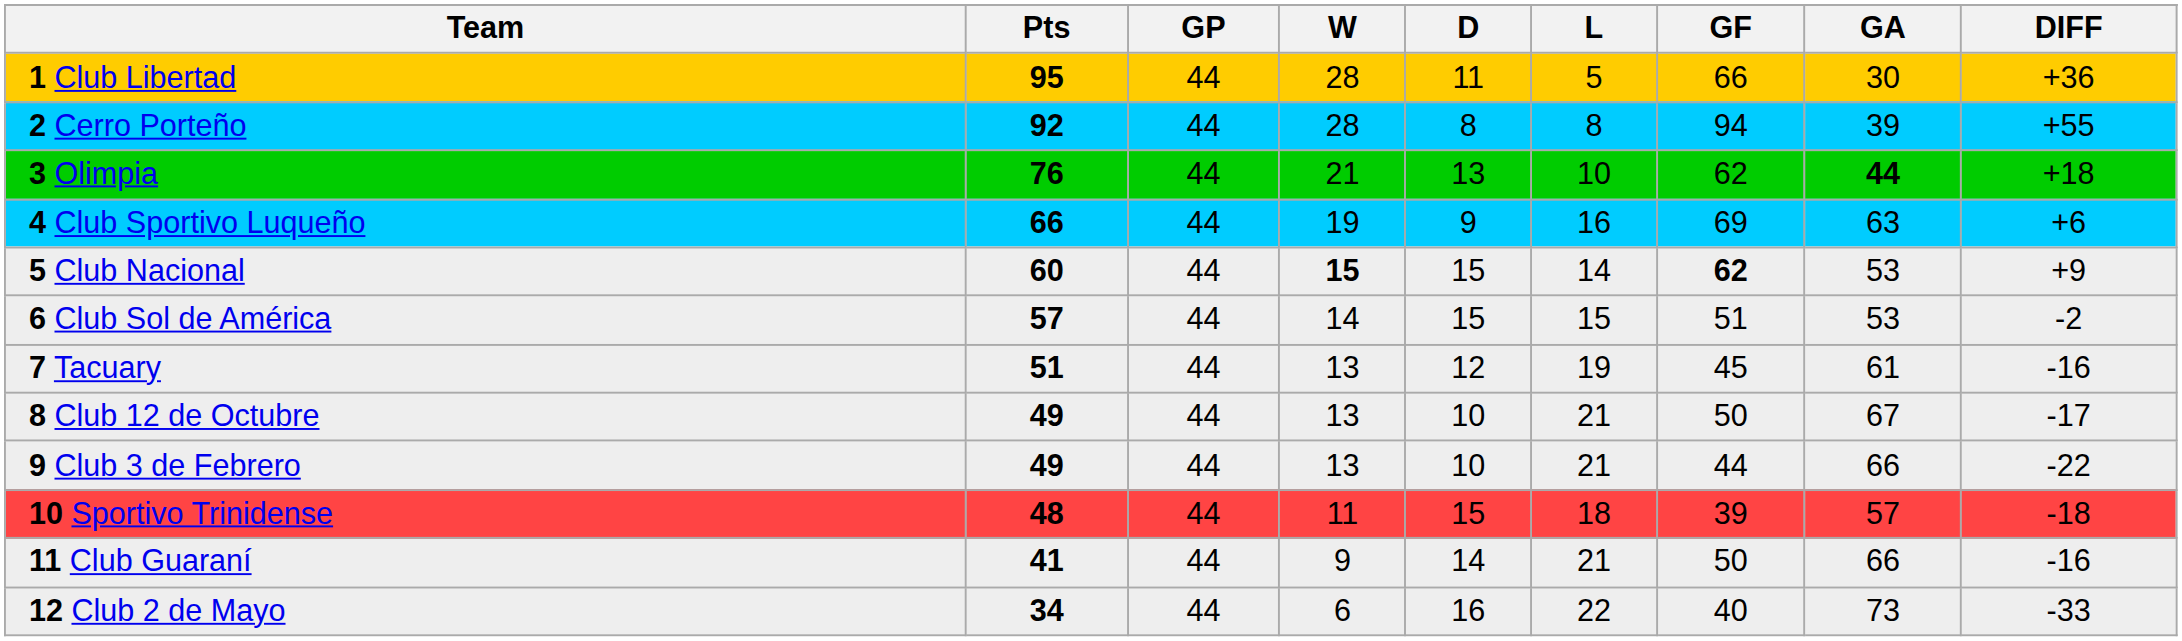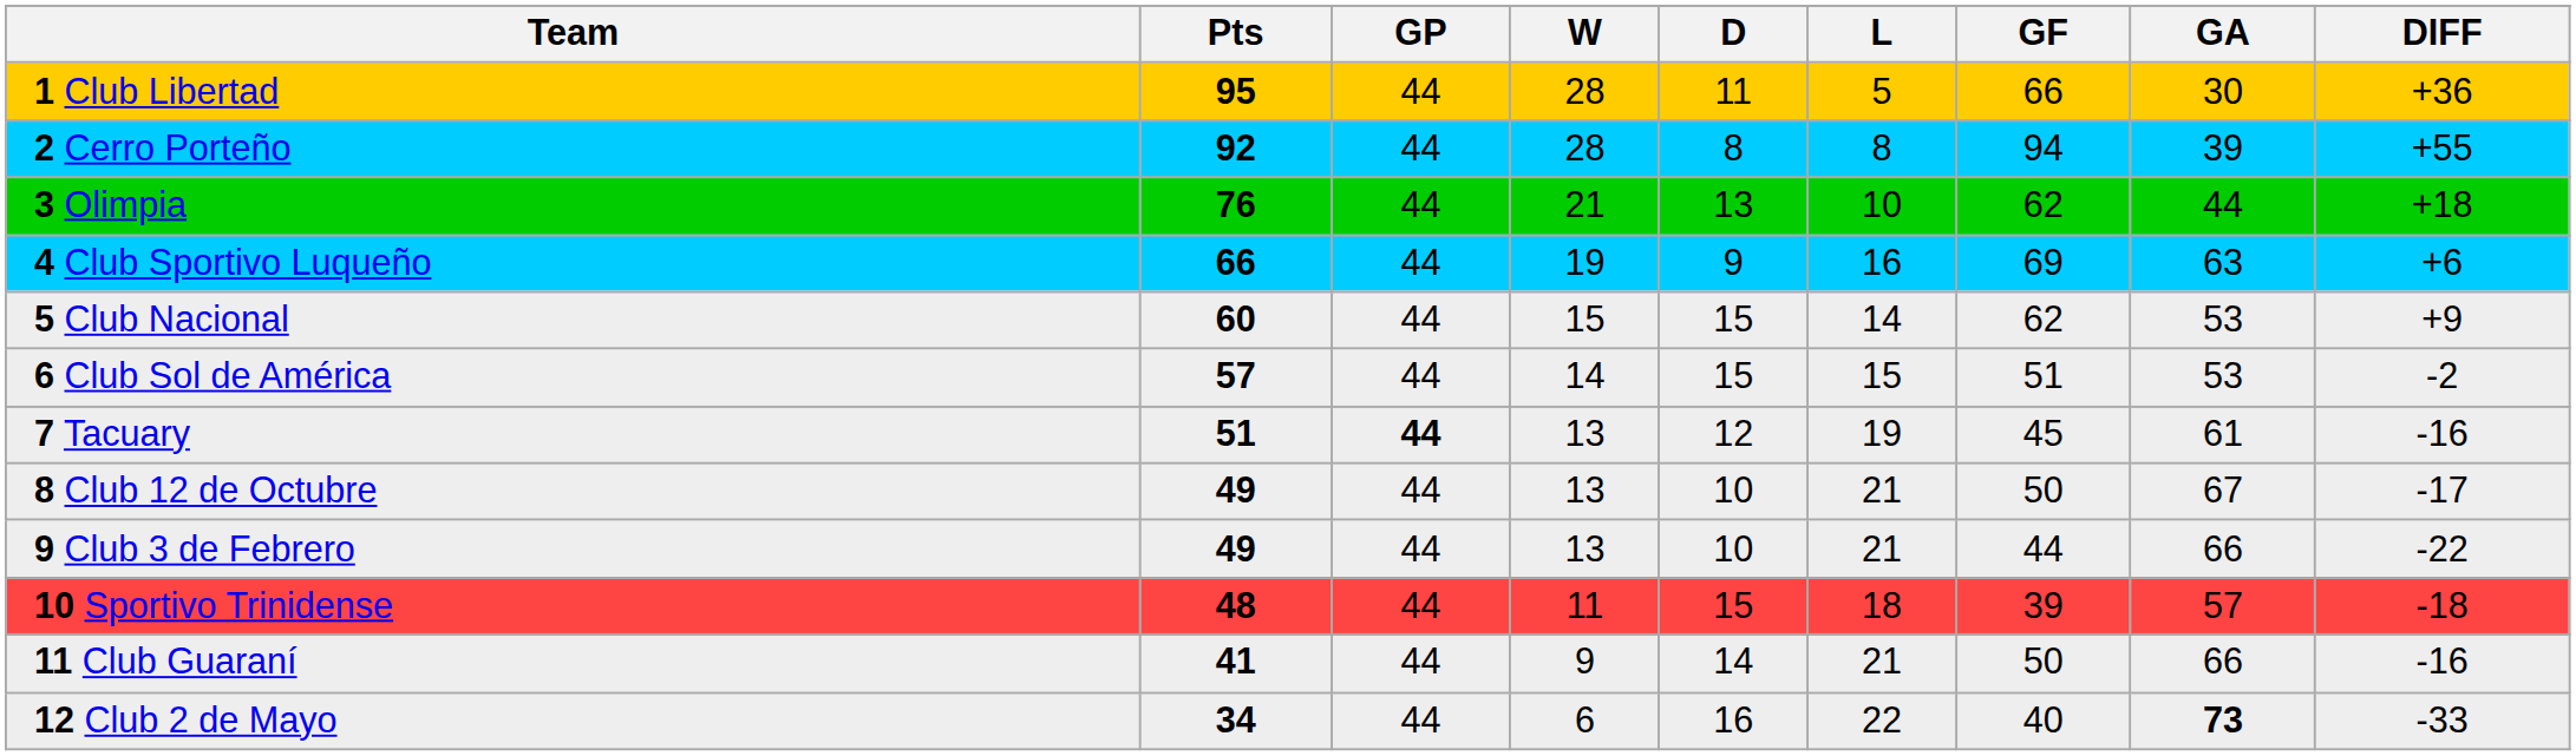 <table class="wikitable" width=90%>
 <tr style="background:#dddddd;">
 </tr>
 <tr style="background:#dddddd;">
 <th>Team</th>
 <th>Pts</th>
 <th>GP</th>
 <th>W</th>
 <th>D</th>
 <th>L</th>
 <th>GF</th>
 <th>GA</th>
 <th>DIFF</th>
 </tr>
 <tr align=center style="background:#ffcc00;">
 <td align=left>  <strong>1</strong> <a href='#'>Club Libertad</a></td>
 <td><strong>95</strong></td>
 <td>44</td>
 <td>28</td>
 <td>11</td>
 <td>5</td>
 <td>66</td>
 <td>30</td>
 <td>+36</td>
 </tr>
 <tr align=center style="background:#00ccff;">
 <td align=left>  <strong>2</strong> <a href='#'>Cerro Porteño</a></td>
 <td><strong>92</strong></td>
 <td>44</td>
 <td>28</td>
 <td>8</td>
 <td>8</td>
 <td>94</td>
 <td>39</td>
 <td>+55</td>
 </tr>
 <tr align=center style="background:#00cc00;">
 <td align=left>  <strong>3</strong> <a href='#'>Olimpia</a></td>
 <td><strong>76</strong></td>
 <td>44</td>
 <td>21</td>
 <td>13</td>
 <td>10</td>
 <td>62</td>
-<td><strong>44</strong></td>
+<td>44</td>
 <td>+18</td>
 </tr>
 <tr align=center style="background:#00ccff;">
 <td align=left>  <strong>4</strong> <a href='#'>Club Sportivo Luqueño</a></td>
 <td><strong>66</strong></td>
 <td>44</td>
 <td>19</td>
 <td>9</td>
 <td>16</td>
 <td>69</td>
 <td>63</td>
 <td>+6</td>
 </tr>
 <tr align=center style="background:#eeeeee;">
 <td align=left>  <strong>5</strong> <a href='#'>Club Nacional</a></td>
 <td><strong>60</strong></td>
 <td>44</td>
-<td><strong>15</strong></td>
+<td>15</td>
 <td>15</td>
 <td>14</td>
-<td><strong>62</strong></td>
+<td>62</td>
 <td>53</td>
 <td>+9</td>
 </tr>
 <tr align=center style="background:#eeeeee;">
 <td align=left>  <strong>6</strong> <a href='#'>Club Sol de América</a></td>
 <td><strong>57</strong></td>
 <td>44</td>
 <td>14</td>
 <td>15</td>
 <td>15</td>
 <td>51</td>
 <td>53</td>
 <td>-2</td>
 </tr>
 <tr align=center style="background:#eeeeee;">
 <td align=left>  <strong>7</strong> <a href='#'>Tacuary</a></td>
 <td><strong>51</strong></td>
-<td>44</td>
+<td><strong>44</strong></td>
 <td>13</td>
 <td>12</td>
 <td>19</td>
 <td>45</td>
 <td>61</td>
 <td>-16</td>
 </tr>
 <tr align=center style="background:#eeeeee;">
 <td align=left>  <strong>8</strong> <a href='#'>Club 12 de Octubre</a></td>
 <td><strong>49</strong></td>
 <td>44</td>
 <td>13</td>
 <td>10</td>
 <td>21</td>
 <td>50</td>
 <td>67</td>
 <td>-17</td>
 </tr>
 <tr align=center style="background:#eeeeee;">
 <td align=left>  <strong>9</strong> <a href='#'>Club 3 de Febrero</a></td>
 <td><strong>49</strong></td>
 <td>44</td>
 <td>13</td>
 <td>10</td>
 <td>21</td>
 <td>44</td>
 <td>66</td>
 <td>-22</td>
 </tr>
 <tr align=center style="background:#ff4444;">
 <td align=left>  <strong>10</strong> <a href='#'>Sportivo Trinidense</a></td>
 <td><strong>48</strong></td>
 <td>44</td>
 <td>11</td>
 <td>15</td>
 <td>18</td>
 <td>39</td>
 <td>57</td>
 <td>-18</td>
 </tr>
 <tr align=center style="background:#eeeeee;">
 <td align=left>  <strong>11</strong> <a href='#'>Club Guaraní</a></td>
 <td><strong>41</strong></td>
 <td>44</td>
 <td>9</td>
 <td>14</td>
 <td>21</td>
 <td>50</td>
 <td>66</td>
 <td>-16</td>
 </tr>
 <tr align=center style="background:#eeeeee;">
 <td align=left>  <strong>12</strong> <a href='#'>Club 2 de Mayo</a></td>
 <td><strong>34</strong></td>
 <td>44</td>
 <td>6</td>
 <td>16</td>
 <td>22</td>
 <td>40</td>
-<td>73</td>
+<td><strong>73</strong></td>
 <td>-33</td>
 </tr>
 </table>
